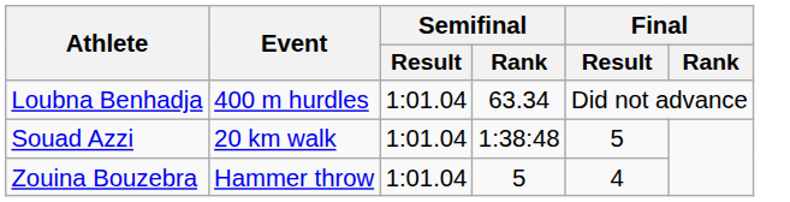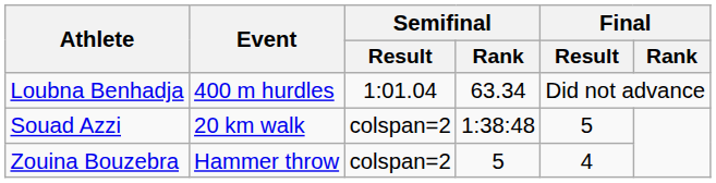 <table class="wikitable" style="font-size:90%">
 <tr>
 <th rowspan="2">Athlete</th>
 <th rowspan="2">Event</th>
 <th colspan="2">Semifinal</th>
 <th colspan="2">Final</th>
 </tr>
 <tr style="font-size:95%">
 <th>Result</th>
 <th>Rank</th>
 <th>Result</th>
 <th>Rank</th>
 </tr>
 <tr align=center>
 <td align=left><a href='#'>Loubna Benhadja</a></td>
 <td align=left><a href='#'>400 m hurdles</a></td>
 <td>1:01.04</td>
 <td>63.34</td>
 <td colspan=2>Did not advance</td>
 </tr>
 <tr align=center>
 <td align=left><a href='#'>Souad Azzi</a></td>
 <td align=left><a href='#'>20 km walk</a></td>
-<td>1:01.04</td>
+<td>colspan=2 </td>
 <td>1:38:48</td>
 <td>5</td>
 </tr>
 <tr align=center>
 <td align=left><a href='#'>Zouina Bouzebra</a></td>
 <td align=left><a href='#'>Hammer throw</a></td>
-<td>1:01.04</td>
+<td>colspan=2 </td>
 <td>5</td>
 <td>4</td>
 </tr>
 </table>
